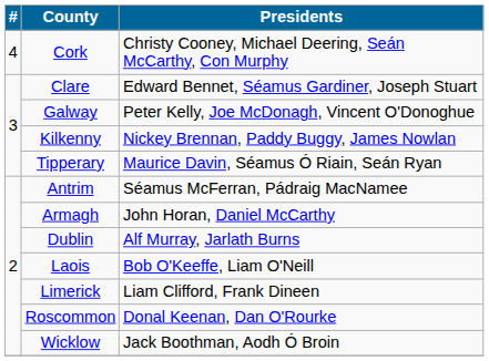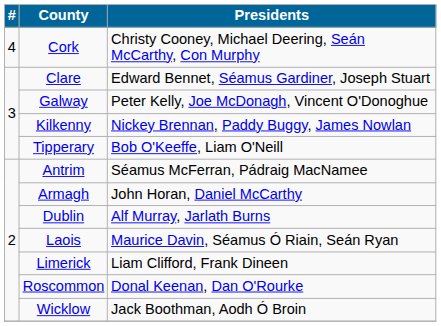 <table class="wikitable" width="30%">
 <tr style="text-align:center;background:#069; color:white;">
 <td><strong>#</strong></td>
 <td><strong>County</strong></td>
 <td><strong>Presidents</strong></td>
 </tr>
 <tr>
 <td>4</td>
 <td style="text-align:center;"><a href='#'>Cork</a></td>
 <td>Christy Cooney, Michael Deering, <a href='#'>Seán McCarthy</a>, <a href='#'>Con Murphy</a></td>
 </tr>
 <tr>
 <td rowspan="4">3</td>
 <td style="text-align:center;"><a href='#'>Clare</a></td>
 <td>Edward Bennet, <a href='#'>Séamus Gardiner</a>, Joseph Stuart</td>
 </tr>
 <tr>
 <td style="text-align:center;"><a href='#'>Galway</a></td>
 <td>Peter Kelly, <a href='#'>Joe McDonagh</a>, Vincent O'Donoghue</td>
 </tr>
 <tr>
 <td style="text-align:center;"><a href='#'>Kilkenny</a></td>
 <td><a href='#'>Nickey Brennan</a>, <a href='#'>Paddy Buggy</a>, <a href='#'>James Nowlan</a></td>
 </tr>
 <tr>
 <td style="text-align:center;"><a href='#'>Tipperary</a></td>
-<td><a href='#'>Maurice Davin</a>, Séamus Ó Riain, Seán Ryan</td>
+<td><a href='#'>Bob O'Keeffe</a>, Liam O'Neill</td>
 </tr>
 <tr>
 <td rowspan="7">2</td>
 <td style="text-align:center;"><a href='#'>Antrim</a></td>
 <td>Séamus McFerran, Pádraig MacNamee</td>
 </tr>
 <tr>
 <td style="text-align:center;"><a href='#'>Armagh</a></td>
 <td>John Horan, <a href='#'>Daniel McCarthy</a></td>
 </tr>
 <tr>
 <td style="text-align:center;"><a href='#'>Dublin</a></td>
 <td><a href='#'>Alf Murray</a>, <a href='#'>Jarlath Burns</a></td>
 </tr>
 <tr>
 <td style="text-align:center;"><a href='#'>Laois</a></td>
-<td><a href='#'>Bob O'Keeffe</a>, Liam O'Neill</td>
+<td><a href='#'>Maurice Davin</a>, Séamus Ó Riain, Seán Ryan</td>
 </tr>
 <tr>
 <td style="text-align:center;"><a href='#'>Limerick</a></td>
 <td>Liam Clifford, Frank Dineen</td>
 </tr>
 <tr>
 <td style="text-align:center;"><a href='#'>Roscommon</a></td>
 <td><a href='#'>Donal Keenan</a>, <a href='#'>Dan O'Rourke</a></td>
 </tr>
 <tr>
 <td style="text-align:center;"><a href='#'>Wicklow</a></td>
 <td>Jack Boothman, Aodh Ó Broin</td>
 </tr>
 <tr>
 </tr>
 </table>
